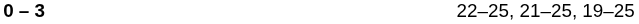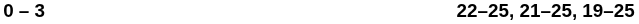 <table width=85% cellspacing=1>
 <tr>
 <th width=20%></th>
 <th width=12%></th>
 <th width=20%></th>
 <th width=33%></th>
 </tr>
 <tr style=font-size:90%>
 <td align=right></td>
 <td align=center><strong>0 – 3</strong></td>
 <td><strong></strong></td>
-<td>22–25, 21–25, 19–25</td>
+<td><strong>22–25, 21–25, 19–25</strong></td>
 </tr>
 </table>
